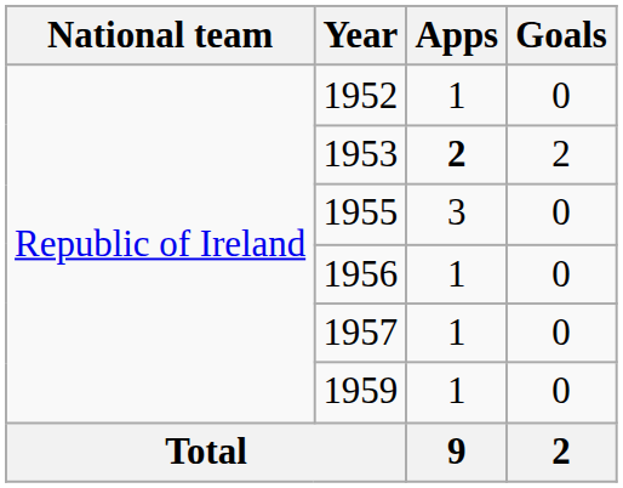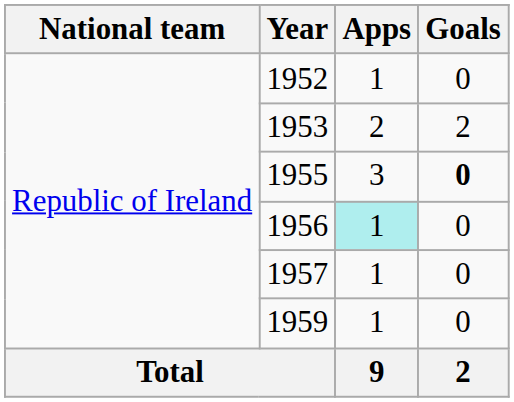 <table class="wikitable" style="text-align:center">
 <tr>
 <th>National team</th>
 <th>Year</th>
 <th>Apps</th>
 <th>Goals</th>
 </tr>
 <tr>
 <td rowspan="6"><a href='#'>Republic of Ireland</a></td>
 <td>1952</td>
 <td>1</td>
 <td>0</td>
 </tr>
 <tr>
 <td>1953</td>
-<td><strong>2</strong></td>
+<td>2</td>
 <td>2</td>
 </tr>
 <tr>
 <td>1955</td>
 <td>3</td>
-<td>0</td>
+<td><strong>0</strong></td>
 </tr>
 <tr>
 <td>1956</td>
-<td>1</td>
+<td style="background: paleturquoise;">1</td>
 <td>0</td>
 </tr>
 <tr>
 <td>1957</td>
 <td>1</td>
 <td>0</td>
 </tr>
 <tr>
 <td>1959</td>
 <td>1</td>
 <td>0</td>
 </tr>
 <tr>
 <th colspan="2">Total</th>
 <th>9</th>
 <th>2</th>
 </tr>
 </table>
